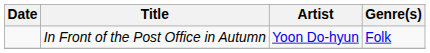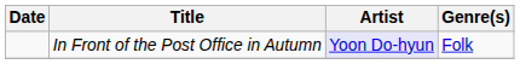 <table class="wikitable" style="text-align: left;">
 <tr>
 <th>Date</th>
 <th>Title</th>
 <th>Artist</th>
 <th>Genre(s)</th>
 </tr>
 <tr>
 <td></td>
 <td><em>In Front of the Post Office in Autumn</em></td>
-<td><a href='#'>Yoon Do-hyun</a></td>
+<td style="background: lavender;"><a href='#'>Yoon Do-hyun</a></td>
 <td><a href='#'>Folk</a></td>
 </tr>
 <tr>
 </tr>
 </table>
